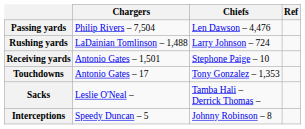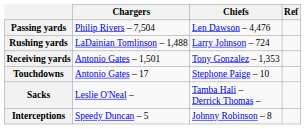 <table class="wikitable" style="font-size: 95%; border: none;">
 <tr>
 <th style="border: none;"></th>
 <th scope="col">Chargers</th>
 <th scope="col">Chiefs</th>
 <th>Ref</th>
 </tr>
 <tr>
 <th scope="row">Passing yards</th>
 <td><a href='#'>Philip Rivers</a> – 7,504</td>
 <td><a href='#'>Len Dawson</a> – 4,476</td>
 <td></td>
 </tr>
 <tr>
 <th scope="row">Rushing yards</th>
 <td><a href='#'>LaDainian Tomlinson</a> – 1,488</td>
 <td><a href='#'>Larry Johnson</a> – 724</td>
 <td></td>
 </tr>
 <tr>
 <th scope="row">Receiving yards</th>
 <td><a href='#'>Antonio Gates</a> – 1,501</td>
-<td><a href='#'>Stephone Paige</a> – 10</td>
+<td><a href='#'>Tony Gonzalez</a> – 1,353</td>
 <td></td>
 </tr>
 <tr>
 <th scope="row">Touchdowns</th>
 <td><a href='#'>Antonio Gates</a> – 17</td>
-<td><a href='#'>Tony Gonzalez</a> – 1,353</td>
+<td><a href='#'>Stephone Paige</a> – 10</td>
 <td></td>
 </tr>
 <tr>
 <th scope="row">Sacks</th>
 <td><a href='#'>Leslie O'Neal</a> – </td>
 <td><a href='#'>Tamba Hali</a> – <br><a href='#'>Derrick Thomas</a> – </td>
 <td></td>
 </tr>
 <tr>
 <th scope="row">Interceptions</th>
 <td><a href='#'>Speedy Duncan</a> – 5</td>
 <td><a href='#'>Johnny Robinson</a> – 8</td>
 <td></td>
 </tr>
 </table>
